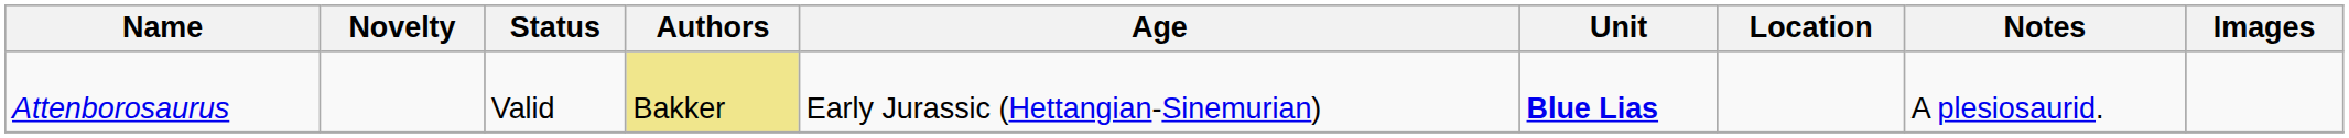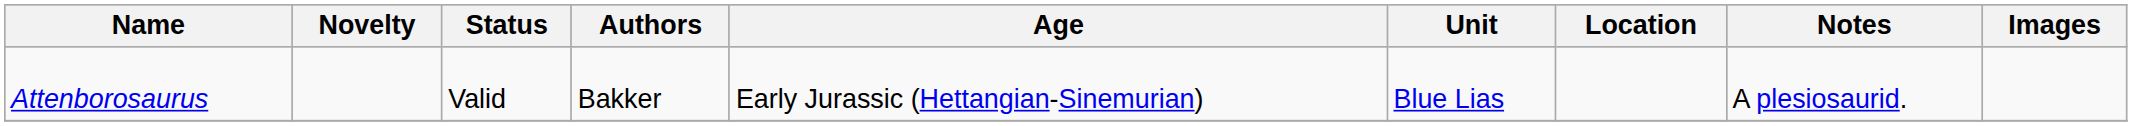 <table class="wikitable sortable" align="center" width="100%">
 <tr>
 <th>Name</th>
 <th>Novelty</th>
 <th>Status</th>
 <th>Authors</th>
 <th>Age</th>
 <th>Unit</th>
 <th>Location</th>
 <th>Notes</th>
 <th>Images</th>
 </tr>
 <tr>
 <td><br><em><a href='#'>Attenborosaurus</a></em></td>
 <td></td>
 <td><br>Valid</td>
-<td style="background: khaki;"><br>Bakker</td>
+<td><br>Bakker</td>
 <td><br>Early Jurassic (<a href='#'>Hettangian</a>-<a href='#'>Sinemurian</a>)</td>
-<td><strong><br><a href='#'>Blue Lias</a></strong></td>
+<td><br><a href='#'>Blue Lias</a></td>
 <td><br></td>
 <td><br>A <a href='#'>plesiosaurid</a>.</td>
 <td><br></td>
 </tr>
 <tr>
 </tr>
 </table>
